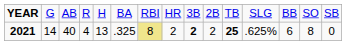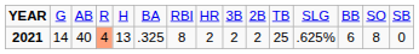 <table class="wikitable">
 <tr align=center>
 <td><strong>YEAR</strong></td>
 <td><a href='#'>G</a></td>
 <td><a href='#'>AB</a></td>
 <td><a href='#'>R</a></td>
 <td><a href='#'>H</a></td>
 <td><a href='#'>BA</a></td>
 <td><a href='#'>RBI</a></td>
 <td><a href='#'>HR</a></td>
 <td><a href='#'>3B</a></td>
 <td><a href='#'>2B</a></td>
 <td><a href='#'>TB</a></td>
 <td><a href='#'>SLG</a></td>
 <td><a href='#'>BB</a></td>
 <td><a href='#'>SO</a></td>
 <td><a href='#'>SB</a></td>
 </tr>
 <tr align=center>
 <td><strong>2021</strong></td>
 <td>14</td>
 <td>40</td>
-<td>4</td>
+<td style="background: lightsalmon;">4</td>
 <td>13</td>
 <td>.325</td>
-<td style="background: khaki;">8</td>
+<td>8</td>
 <td>2</td>
-<td><strong>2</strong></td>
 <td>2</td>
-<td><strong>25</strong></td>
+<td>2</td>
+<td>25</td>
 <td>.625%</td>
 <td>6</td>
 <td>8</td>
 <td>0</td>
 </tr>
 </table>
